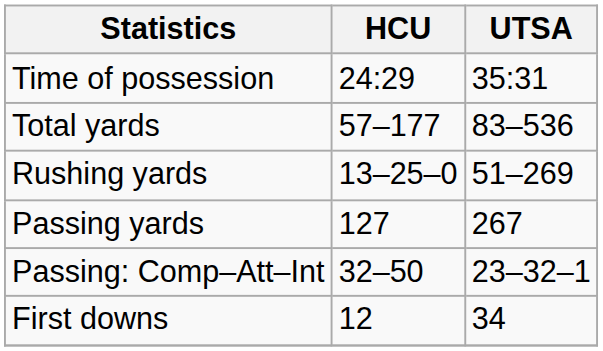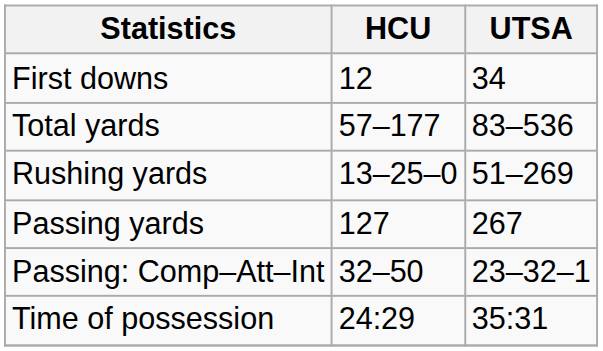 <table class="wikitable" style="float: left;">
 <tr>
 <th>Statistics</th>
 <th>HCU</th>
 <th>UTSA</th>
 </tr>
 <tr>
-<td>Time of possession</td>
-<td>24:29</td>
-<td>35:31</td>
+<td>First downs</td>
+<td>12</td>
+<td>34</td>
 </tr>
 <tr>
 <td>Total yards</td>
 <td>57–177</td>
 <td>83–536</td>
 </tr>
 <tr>
 <td>Rushing yards</td>
 <td>13–25–0</td>
 <td>51–269</td>
 </tr>
 <tr>
 <td>Passing yards</td>
 <td>127</td>
 <td>267</td>
 </tr>
 <tr>
 <td>Passing: Comp–Att–Int</td>
 <td>32–50</td>
 <td>23–32–1</td>
 </tr>
 <tr>
-<td>First downs</td>
-<td>12</td>
-<td>34</td>
+<td>Time of possession</td>
+<td>24:29</td>
+<td>35:31</td>
 </tr>
 <tr>
 </tr>
 </table>
